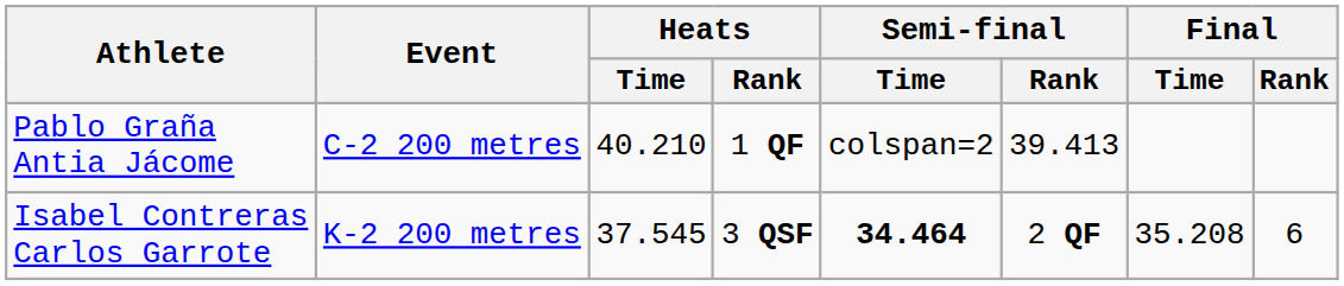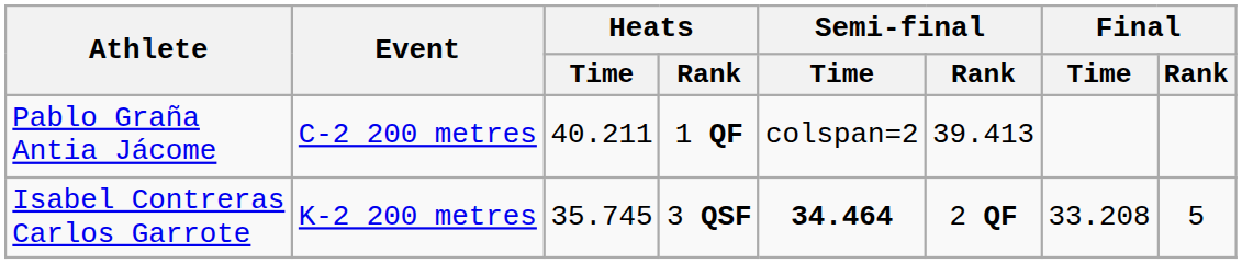 <table class=wikitable style=font-size:90%;text-align:center>
 <tr>
 <th rowspan=2>Athlete</th>
 <th rowspan=2>Event</th>
 <th colspan=2>Heats</th>
 <th colspan=2>Semi-final</th>
 <th colspan=2>Final</th>
 </tr>
 <tr style=font-size:95%>
 <th>Time</th>
 <th>Rank</th>
 <th>Time</th>
 <th>Rank</th>
 <th>Time</th>
 <th>Rank</th>
 </tr>
 <tr>
 <td align=left><a href='#'>Pablo Graña</a><br><a href='#'>Antia Jácome</a></td>
 <td align=left><a href='#'>C-2 200 metres</a></td>
-<td>40.210</td>
+<td>40.211</td>
 <td>1 <strong>QF</strong></td>
 <td>colspan=2 </td>
 <td>39.413</td>
 <td></td>
 </tr>
 <tr>
 <td align=left><a href='#'>Isabel Contreras</a><br><a href='#'>Carlos Garrote</a></td>
 <td align=left><a href='#'>K-2 200 metres</a></td>
-<td>37.545</td>
+<td>35.745</td>
 <td>3 <strong>QSF</strong></td>
 <td><strong>34.464</strong></td>
 <td>2 <strong>QF</strong></td>
-<td>35.208</td>
-<td>6</td>
+<td>33.208</td>
+<td>5</td>
 </tr>
 </table>
